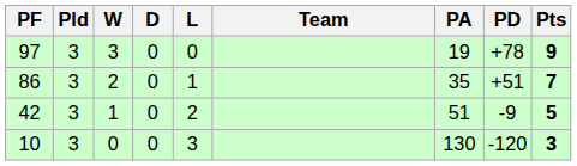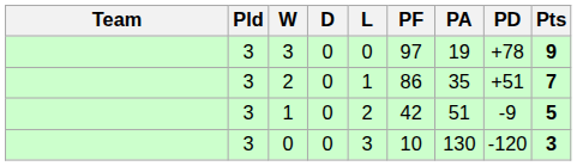 <table class="wikitable" style="text-align:center;">
 <tr>
-<th width=32 abbr="Points for">PF</th>
+<th width=175>Team</th>
 <th width=25 abbr="Played">Pld</th>
 <th width=25 abbr="Won">W</th>
 <th width=25 abbr="Drawn">D</th>
 <th width=25 abbr="Lost">L</th>
-<th width=175>Team</th>
+<th width=32 abbr="Points for">PF</th>
 <th width=32 abbr="Points against">PA</th>
 <th width=32 abbr="Points difference">PD</th>
 <th width=25 abbr="Points">Pts</th>
 </tr>
 <tr bgcolor=ccffcc>
-<td>97</td>
+<td align=left></td>
 <td>3</td>
 <td>3</td>
 <td>0</td>
 <td>0</td>
-<td align=left></td>
+<td>97</td>
 <td>19</td>
 <td>+78</td>
 <td><strong>9</strong></td>
 </tr>
 <tr bgcolor=ccffcc>
-<td>86</td>
+<td align=left></td>
 <td>3</td>
 <td>2</td>
 <td>0</td>
 <td>1</td>
-<td align=left></td>
+<td>86</td>
 <td>35</td>
 <td>+51</td>
 <td><strong>7</strong></td>
 </tr>
 <tr bgcolor=ccffcc>
-<td>42</td>
+<td align=left></td>
 <td>3</td>
 <td>1</td>
 <td>0</td>
 <td>2</td>
-<td align=left></td>
+<td>42</td>
 <td>51</td>
 <td>-9</td>
 <td><strong>5</strong></td>
 </tr>
 <tr bgcolor=ccffcc>
-<td>10</td>
+<td align=left></td>
 <td>3</td>
 <td>0</td>
 <td>0</td>
 <td>3</td>
-<td align=left></td>
+<td>10</td>
 <td>130</td>
 <td>-120</td>
 <td><strong>3</strong></td>
 </tr>
 </table>
